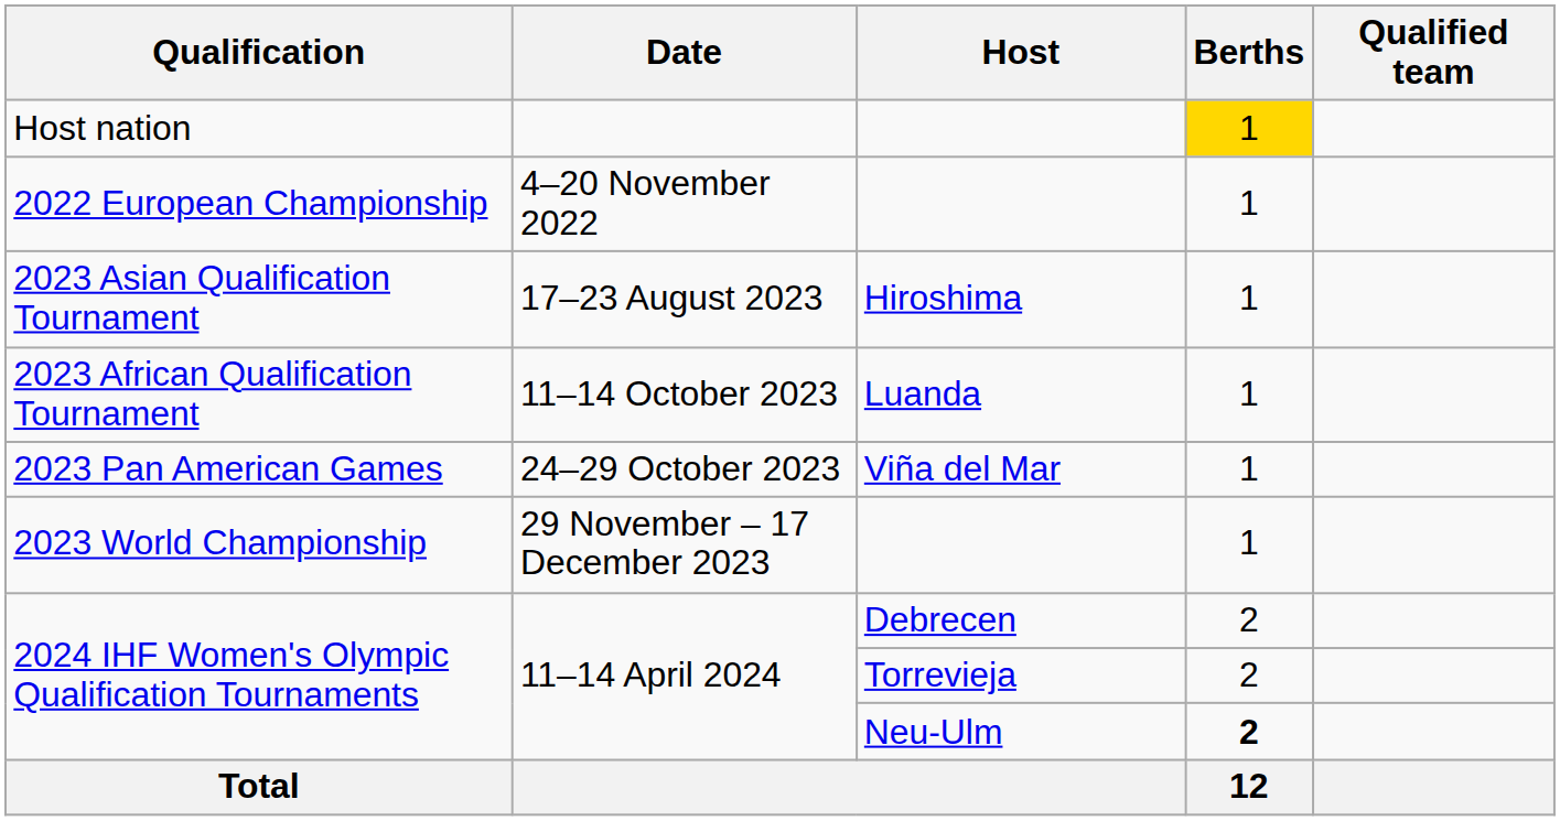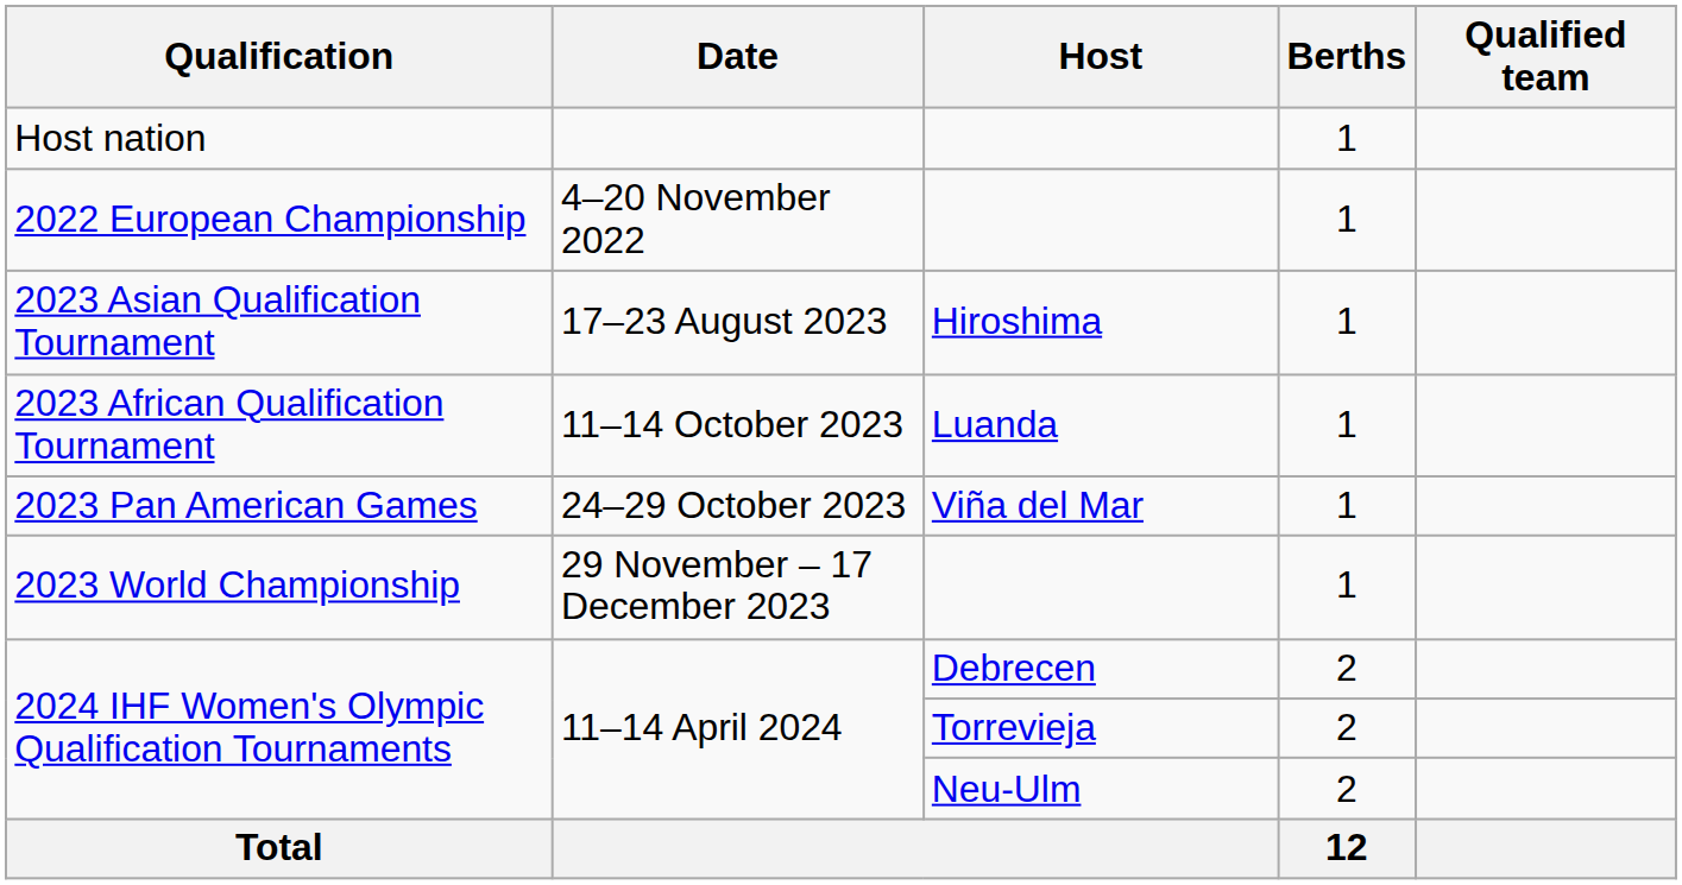 <table class="wikitable" style="width: 80%;">
 <tr>
 <th style="width: 34%;">Qualification</th>
 <th style="width: 23%;">Date</th>
 <th style="width: 22%;">Host</th>
 <th style="width: 5%;">Berths</th>
 <th style="width: 26%;">Qualified team</th>
 </tr>
 <tr>
 <td>Host nation</td>
 <td></td>
 <td></td>
-<td style="background: gold; text-align: center;">1</td>
+<td style="text-align: center;">1</td>
 <td></td>
 </tr>
 <tr>
 <td><a href='#'>2022 European Championship</a></td>
 <td>4–20 November 2022</td>
 <td><br><br></td>
 <td style="text-align: center;">1</td>
 <td></td>
 </tr>
 <tr>
 <td><a href='#'>2023 Asian Qualification Tournament</a></td>
 <td>17–23 August 2023</td>
 <td> <a href='#'>Hiroshima</a></td>
 <td style="text-align: center;">1</td>
 <td></td>
 </tr>
 <tr>
 <td><a href='#'>2023 African Qualification Tournament</a></td>
 <td>11–14 October 2023</td>
 <td> <a href='#'>Luanda</a></td>
 <td style="text-align: center;">1</td>
 <td></td>
 </tr>
 <tr>
 <td><a href='#'>2023 Pan American Games</a></td>
 <td>24–29 October 2023</td>
 <td> <a href='#'>Viña del Mar</a></td>
 <td style="text-align: center;">1</td>
 <td></td>
 </tr>
 <tr>
 <td><a href='#'>2023 World Championship</a></td>
 <td>29 November – 17 December 2023</td>
 <td><br><br></td>
 <td style="text-align: center;">1</td>
 <td></td>
 </tr>
 <tr>
 <td rowspan="3"><a href='#'>2024 IHF Women's Olympic Qualification Tournaments</a></td>
 <td rowspan="3">11–14 April 2024</td>
 <td> <a href='#'>Debrecen</a></td>
 <td style="text-align: center;">2</td>
 <td><br></td>
 </tr>
 <tr>
 <td> <a href='#'>Torrevieja</a></td>
 <td style="text-align: center">2</td>
 <td><br></td>
 </tr>
 <tr>
 <td> <a href='#'>Neu-Ulm</a></td>
-<td style="text-align: center;"><strong>2</strong></td>
+<td style="text-align: center;">2</td>
 <td><br></td>
 </tr>
 <tr>
 <th>Total</th>
 <th colspan="2"></th>
 <th>12</th>
 <th></th>
 </tr>
 </table>
